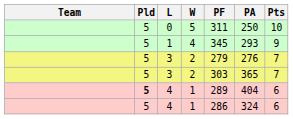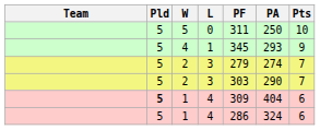 <table class="wikitable" style="text-align:center;">
 <tr>
 <th width=170>Team</th>
 <th width=25>Pld</th>
+<th width=25>W</th>
 <th width=25>L</th>
-<th width=25>W</th>
 <th width=35>PF</th>
 <th width=35>PA</th>
 <th width=25>Pts</th>
 </tr>
 <tr bgcolor=#ccffcc>
 <td align="left"></td>
 <td>5</td>
+<td>5</td>
 <td>0</td>
-<td>5</td>
 <td>311</td>
 <td>250</td>
 <td>10</td>
 </tr>
 <tr bgcolor=#ccffcc>
 <td align="left"></td>
 <td>5</td>
+<td>4</td>
 <td>1</td>
-<td>4</td>
 <td>345</td>
 <td>293</td>
 <td>9</td>
 </tr>
 <tr bgcolor=#F3F781>
 <td align="left"></td>
 <td>5</td>
+<td>2</td>
 <td>3</td>
-<td>2</td>
 <td>279</td>
-<td>276</td>
+<td>274</td>
 <td>7</td>
 </tr>
 <tr bgcolor=#F3F781>
 <td align="left"></td>
 <td>5</td>
+<td>2</td>
 <td>3</td>
-<td>2</td>
 <td>303</td>
-<td>365</td>
+<td>290</td>
 <td>7</td>
 </tr>
 <tr bgcolor=#ffcccc>
 <td align="left"></td>
 <td><strong>5</strong></td>
+<td>1</td>
 <td>4</td>
-<td>1</td>
-<td>289</td>
+<td>309</td>
 <td>404</td>
 <td>6</td>
 </tr>
 <tr bgcolor=#ffcccc>
 <td align="left"></td>
 <td>5</td>
+<td>1</td>
 <td>4</td>
-<td>1</td>
 <td>286</td>
 <td>324</td>
 <td>6</td>
 </tr>
 </table>
